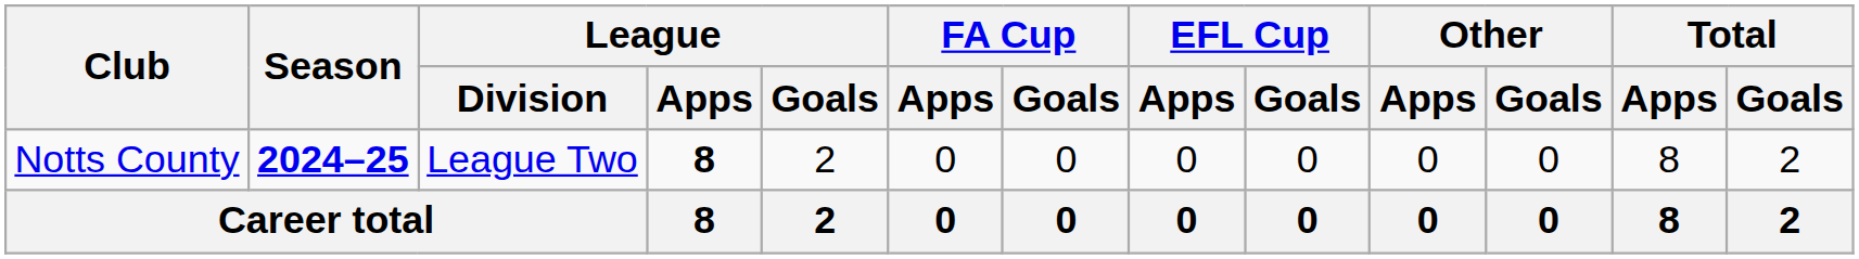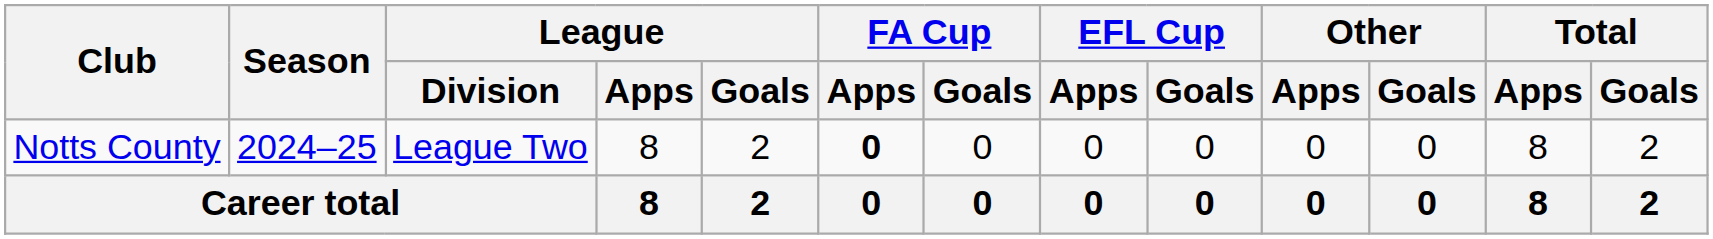 <table class=wikitable style=text-align:center>
 <tr>
 <th rowspan=2>Club</th>
 <th rowspan=2>Season</th>
 <th colspan=3>League</th>
 <th colspan=2><a href='#'>FA Cup</a></th>
 <th colspan=2><a href='#'>EFL Cup</a></th>
 <th colspan=2>Other</th>
 <th colspan=2>Total</th>
 </tr>
 <tr>
 <th>Division</th>
 <th>Apps</th>
 <th>Goals</th>
 <th>Apps</th>
 <th>Goals</th>
 <th>Apps</th>
 <th>Goals</th>
 <th>Apps</th>
 <th>Goals</th>
 <th>Apps</th>
 <th>Goals</th>
 </tr>
 <tr>
 <td><a href='#'>Notts County</a></td>
-<td><strong><a href='#'>2024–25</a></strong></td>
+<td><a href='#'>2024–25</a></td>
 <td><a href='#'>League Two</a></td>
-<td><strong>8</strong></td>
+<td>8</td>
 <td>2</td>
-<td>0</td>
+<td><strong>0</strong></td>
 <td>0</td>
 <td>0</td>
 <td>0</td>
 <td>0</td>
 <td>0</td>
 <td>8</td>
 <td>2</td>
 </tr>
 <tr>
 <th colspan=3>Career total</th>
 <th>8</th>
 <th>2</th>
 <th>0</th>
 <th>0</th>
 <th>0</th>
 <th>0</th>
 <th>0</th>
 <th>0</th>
 <th>8</th>
 <th>2</th>
 </tr>
 </table>
